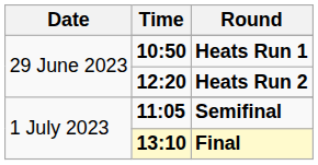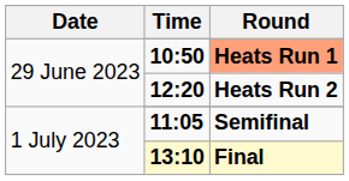 <table class="wikitable">
 <tr>
 <th>Date</th>
 <th>Time</th>
 <th>Round</th>
 </tr>
 <tr>
 <td rowspan=3>29 June 2023</td>
 </tr>
 <tr>
 <td><strong>10:50</strong></td>
-<td><strong>Heats Run 1</strong></td>
+<td style="background: lightsalmon;"><strong>Heats Run 1</strong></td>
 </tr>
 <tr>
 <td><strong>12:20</strong></td>
 <td><strong>Heats Run 2</strong></td>
 </tr>
 <tr>
 <td rowspan=3>1 July 2023</td>
 </tr>
 <tr>
 <td><strong>11:05</strong></td>
 <td><strong>Semifinal</strong></td>
 </tr>
 <tr style=background:lemonchiffon>
 <td><strong>13:10</strong></td>
 <td><strong>Final</strong></td>
 </tr>
 </table>
